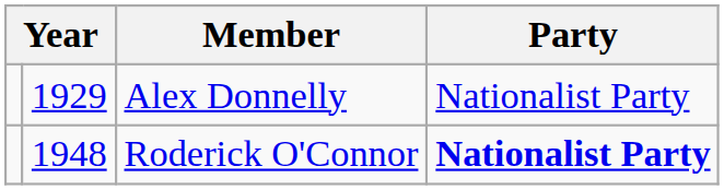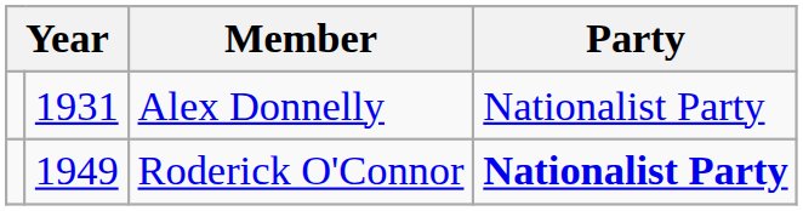 <table class="wikitable">
 <tr>
 <th colspan=2>Year</th>
 <th>Member</th>
 <th>Party</th>
 </tr>
 <tr>
 <td style="background-color: "></td>
-<td><a href='#'>1929</a></td>
+<td><a href='#'>1931</a></td>
 <td><a href='#'>Alex Donnelly</a></td>
 <td><a href='#'>Nationalist Party</a></td>
 </tr>
 <tr>
 <td style="background-color: "></td>
-<td><a href='#'>1948</a></td>
+<td><a href='#'>1949</a></td>
 <td><a href='#'>Roderick O'Connor</a></td>
 <td><strong><a href='#'>Nationalist Party</a></strong></td>
 </tr>
 </table>
